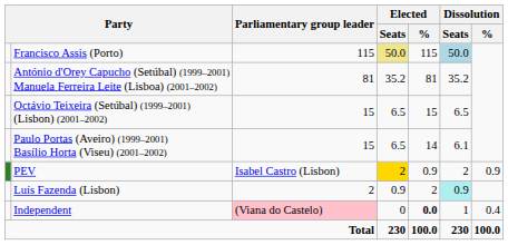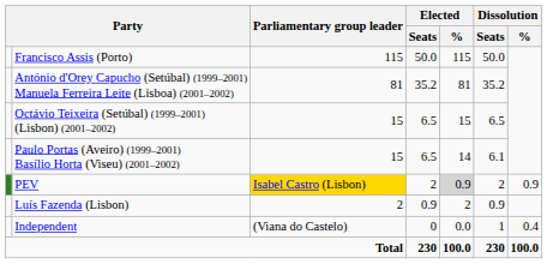 <table class="wikitable" style="text-align:right; font-size:95%;">
 <tr>
 <th colspan="2" rowspan="2">Party</th>
 <th rowspan="2">Parliamentary group leader</th>
 <th colspan="2">Elected</th>
 <th colspan="2">Dissolution</th>
 </tr>
 <tr>
 <th>Seats</th>
 <th>%</th>
 <th>Seats</th>
 <th>%</th>
 </tr>
 <tr>
 <td></td>
 <td align="left"><a href='#'>Francisco Assis</a> (Porto)</td>
 <td align="right">115</td>
-<td align="right" style="background: khaki;">50.0</td>
+<td align="right">50.0</td>
 <td>115</td>
-<td style="background: lightblue;">50.0</td>
+<td>50.0</td>
 </tr>
 <tr>
 <td></td>
 <td align="left"><a href='#'>António d'Orey Capucho</a> (Setúbal) <small>(1999–2001)</small><br><a href='#'>Manuela Ferreira Leite</a> (Lisboa) <small>(2001–2002)</small></td>
 <td align="right">81</td>
 <td align="right">35.2</td>
 <td>81</td>
 <td>35.2</td>
 </tr>
 <tr>
 <td></td>
 <td align="left"><a href='#'>Octávio Teixeira</a> (Setúbal) <small>(1999–2001)</small><br> (Lisbon) <small>(2001–2002)</small></td>
 <td align="right">15</td>
 <td align="right">6.5</td>
 <td>15</td>
 <td>6.5</td>
 </tr>
 <tr>
 <td></td>
 <td align="left"><a href='#'>Paulo Portas</a> (Aveiro) <small>(1999–2001)</small><br><a href='#'>Basílio Horta</a> (Viseu) <small>(2001–2002)</small></td>
 <td align="right">15</td>
 <td align="right">6.5</td>
 <td>14</td>
 <td>6.1</td>
 </tr>
 <tr>
 <td style="width:1px; background:#2C8028; text-align:center;"></td>
 <td style="text-align:left;"><a href='#'>PEV</a></td>
-<td align="left"><a href='#'>Isabel Castro</a> (Lisbon)</td>
-<td align="right" style="background: gold;">2</td>
-<td align="right">0.9</td>
+<td align="left" style="background: gold;"><a href='#'>Isabel Castro</a> (Lisbon)</td>
+<td align="right">2</td>
+<td align="right" style="background: lightgrey;">0.9</td>
 <td>2</td>
 <td>0.9</td>
 </tr>
 <tr>
 <td></td>
 <td align="left"><a href='#'>Luís Fazenda</a> (Lisbon)</td>
 <td align="right">2</td>
 <td align="right">0.9</td>
 <td>2</td>
-<td style="background: paleturquoise;">0.9</td>
+<td>0.9</td>
 </tr>
 <tr>
 <td style="width:1px; background:"></td>
 <td style="text-align:left;"><a href='#'>Independent</a></td>
-<td align="left" style="background: pink;"> (Viana do Castelo)</td>
+<td align="left"> (Viana do Castelo)</td>
 <td align="right">0</td>
-<td align="right"><strong>0.0</strong></td>
+<td align="right">0.0</td>
 <td align="right">1</td>
 <td align="right">0.4</td>
 </tr>
 <tr>
 <td colspan="3"> <strong>Total</strong></td>
 <td align="right"><strong>230</strong></td>
 <td align="right"><strong>100.0</strong></td>
 <td><strong>230</strong></td>
 <td><strong>100.0</strong></td>
 </tr>
 </table>
